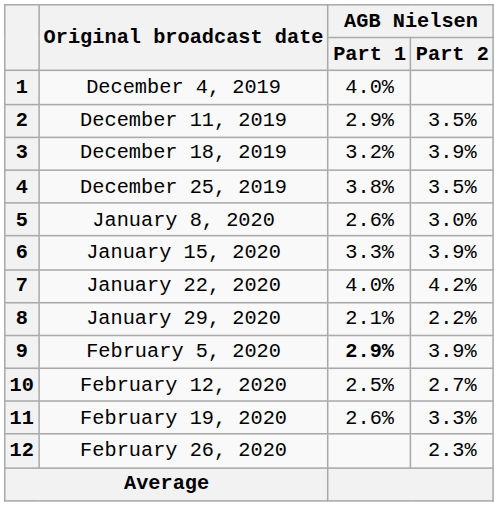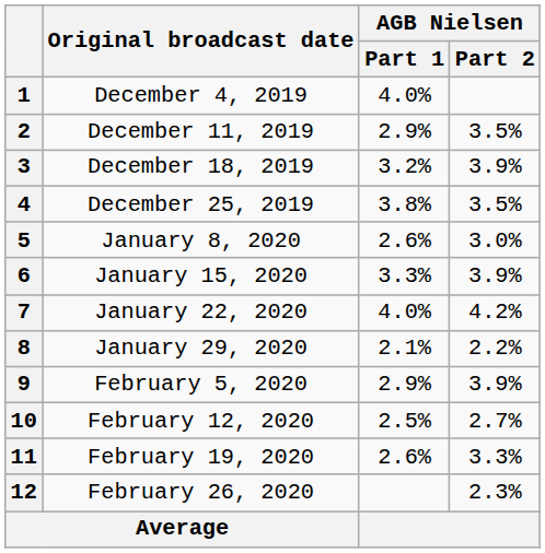 <table class=wikitable style=text-align:center>
 <tr>
 <th rowspan=2></th>
 <th rowspan=2>Original broadcast date</th>
 <th colspan=2>AGB Nielsen</th>
 </tr>
 <tr>
 <th>Part 1</th>
 <th>Part 2</th>
 </tr>
 <tr>
 <th>1</th>
 <td>December 4, 2019</td>
 <td>4.0%</td>
 <td></td>
 </tr>
 <tr>
 <th>2</th>
 <td>December 11, 2019</td>
 <td>2.9%</td>
 <td>3.5%</td>
 </tr>
 <tr>
 <th>3</th>
 <td>December 18, 2019</td>
 <td>3.2%</td>
 <td>3.9%</td>
 </tr>
 <tr>
 <th>4</th>
 <td>December 25, 2019</td>
 <td>3.8%</td>
 <td>3.5%</td>
 </tr>
 <tr>
 <th>5</th>
 <td>January 8, 2020</td>
 <td>2.6%</td>
 <td>3.0%</td>
 </tr>
 <tr>
 <th>6</th>
 <td>January 15, 2020</td>
 <td>3.3%</td>
 <td>3.9%</td>
 </tr>
 <tr>
 <th>7</th>
 <td>January 22, 2020</td>
 <td>4.0%</td>
 <td>4.2%</td>
 </tr>
 <tr>
 <th>8</th>
 <td>January 29, 2020</td>
 <td>2.1%</td>
 <td>2.2%</td>
 </tr>
 <tr>
 <th>9</th>
 <td>February 5, 2020</td>
-<td><strong>2.9%</strong></td>
+<td>2.9%</td>
 <td>3.9%</td>
 </tr>
 <tr>
 <th>10</th>
 <td>February 12, 2020</td>
 <td>2.5%</td>
 <td>2.7%</td>
 </tr>
 <tr>
 <th>11</th>
 <td>February 19, 2020</td>
 <td>2.6%</td>
 <td>3.3%</td>
 </tr>
 <tr>
 <th>12</th>
 <td>February 26, 2020</td>
 <td></td>
 <td>2.3%</td>
 </tr>
 <tr>
 <th colspan=2>Average</th>
 <th colspan=2></th>
 </tr>
 </table>
